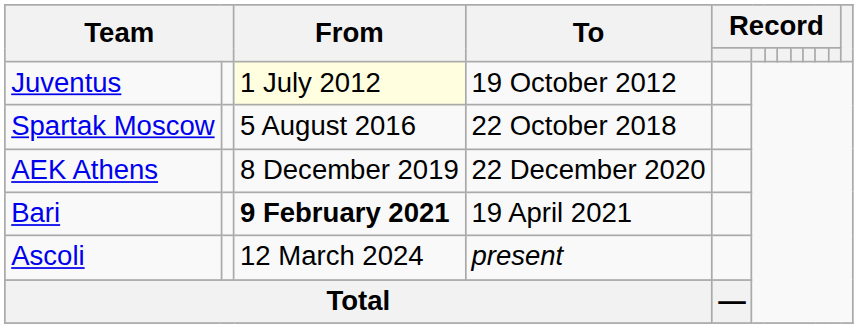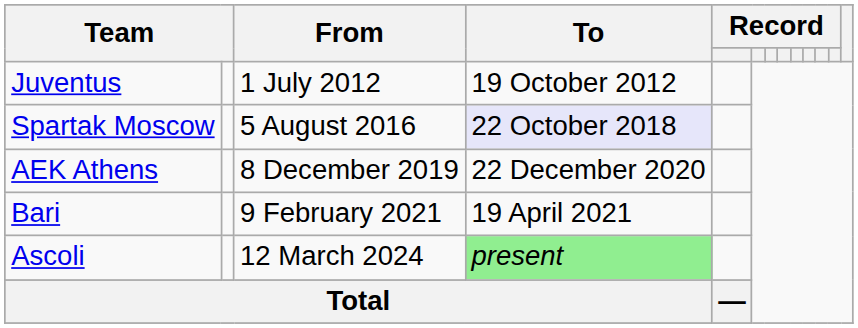 <table class=wikitable style="text-align: center">
 <tr>
 <th colspan="2" rowspan="2">Team</th>
 <th rowspan=2>From</th>
 <th rowspan=2>To</th>
 <th colspan=8>Record</th>
 <th rowspan=2></th>
 </tr>
 <tr>
 <th></th>
 <th></th>
 <th></th>
 <th></th>
 <th></th>
 <th></th>
 <th></th>
 <th></th>
 </tr>
 <tr>
 <td align=left><a href='#'>Juventus</a></td>
 <td></td>
-<td align="left" style="background: lightyellow;">1 July 2012</td>
+<td align="left">1 July 2012</td>
 <td align=left>19 October 2012<br></td>
 <td></td>
 </tr>
 <tr>
 <td align=left><a href='#'>Spartak Moscow</a></td>
 <td></td>
 <td align="left">5 August 2016</td>
-<td align=left>22 October 2018<br></td>
+<td align=left style="background: lavender;">22 October 2018<br></td>
 <td></td>
 </tr>
 <tr>
 <td align=left><a href='#'>AEK Athens</a></td>
 <td></td>
 <td align="left">8 December 2019</td>
 <td align=left>22 December 2020<br></td>
 <td></td>
 </tr>
 <tr>
 <td align=left><a href='#'>Bari</a></td>
 <td></td>
-<td align="left"><strong>9 February 2021</strong></td>
+<td align="left">9 February 2021</td>
 <td align=left>19 April 2021<br></td>
 <td></td>
 </tr>
 <tr>
 <td align=left><a href='#'>Ascoli</a></td>
 <td></td>
 <td align="left">12 March 2024</td>
-<td align=left><em>present</em><br></td>
+<td align=left style="background: lightgreen;"><em>present</em><br></td>
 <td></td>
 </tr>
 <tr>
 <th colspan="4">Total<br></th>
 <th>—</th>
 </tr>
 </table>
